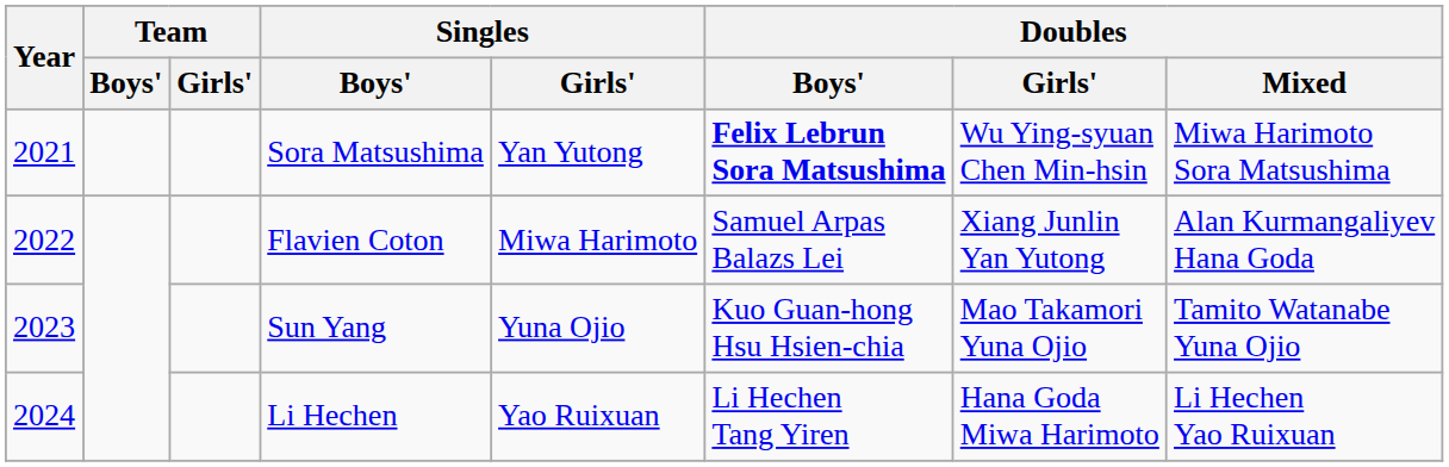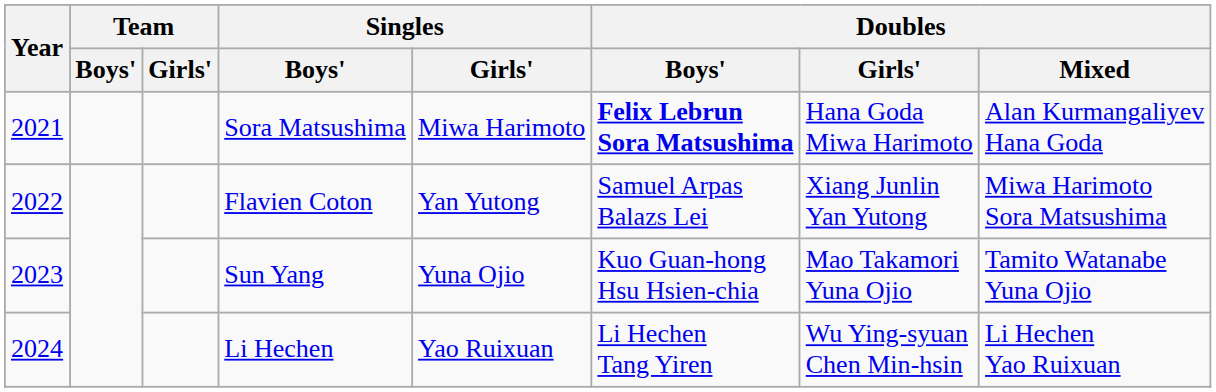 <table class="wikitable" style="font-size:90%;">
 <tr>
 <th rowspan="2">Year</th>
 <th colspan="2">Team</th>
 <th colspan="2">Singles</th>
 <th colspan="3">Doubles</th>
 </tr>
 <tr>
 <th>Boys'</th>
 <th>Girls'</th>
 <th>Boys'</th>
 <th>Girls'</th>
 <th>Boys'</th>
 <th>Girls'</th>
 <th>Mixed</th>
 </tr>
 <tr>
 <td><a href='#'>2021</a></td>
 <td></td>
 <td></td>
 <td> <a href='#'>Sora Matsushima</a></td>
-<td> <a href='#'>Yan Yutong</a></td>
+<td> <a href='#'>Miwa Harimoto</a></td>
 <td><strong> <a href='#'>Felix Lebrun</a><br> <a href='#'>Sora Matsushima</a></strong></td>
-<td> <a href='#'>Wu Ying-syuan</a><br> <a href='#'>Chen Min-hsin</a></td>
-<td> <a href='#'>Miwa Harimoto</a><br> <a href='#'>Sora Matsushima</a></td>
+<td> <a href='#'>Hana Goda</a><br> <a href='#'>Miwa Harimoto</a></td>
+<td> <a href='#'>Alan Kurmangaliyev</a><br> <a href='#'>Hana Goda</a></td>
 </tr>
 <tr>
 <td><a href='#'>2022</a></td>
 <td rowspan="3"></td>
 <td></td>
 <td> <a href='#'>Flavien Coton</a></td>
-<td> <a href='#'>Miwa Harimoto</a></td>
+<td> <a href='#'>Yan Yutong</a></td>
 <td> <a href='#'>Samuel Arpas</a><br> <a href='#'>Balazs Lei</a></td>
 <td> <a href='#'>Xiang Junlin</a><br> <a href='#'>Yan Yutong</a></td>
-<td> <a href='#'>Alan Kurmangaliyev</a><br> <a href='#'>Hana Goda</a></td>
+<td> <a href='#'>Miwa Harimoto</a><br> <a href='#'>Sora Matsushima</a></td>
 </tr>
 <tr>
 <td><a href='#'>2023</a></td>
 <td></td>
 <td> <a href='#'>Sun Yang</a></td>
 <td> <a href='#'>Yuna Ojio</a></td>
 <td> <a href='#'>Kuo Guan-hong</a><br> <a href='#'>Hsu Hsien-chia</a></td>
 <td> <a href='#'>Mao Takamori</a><br> <a href='#'>Yuna Ojio</a></td>
 <td> <a href='#'>Tamito Watanabe</a><br> <a href='#'>Yuna Ojio</a></td>
 </tr>
 <tr>
 <td><a href='#'>2024</a></td>
 <td></td>
 <td> <a href='#'>Li Hechen</a></td>
 <td> <a href='#'>Yao Ruixuan</a></td>
 <td> <a href='#'>Li Hechen</a><br> <a href='#'>Tang Yiren</a></td>
-<td> <a href='#'>Hana Goda</a><br> <a href='#'>Miwa Harimoto</a></td>
+<td> <a href='#'>Wu Ying-syuan</a><br> <a href='#'>Chen Min-hsin</a></td>
 <td> <a href='#'>Li Hechen</a><br> <a href='#'>Yao Ruixuan</a></td>
 </tr>
 </table>
